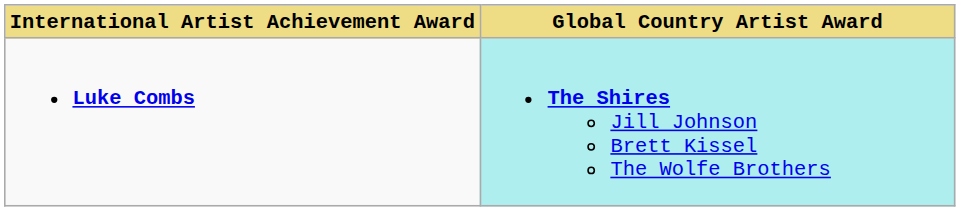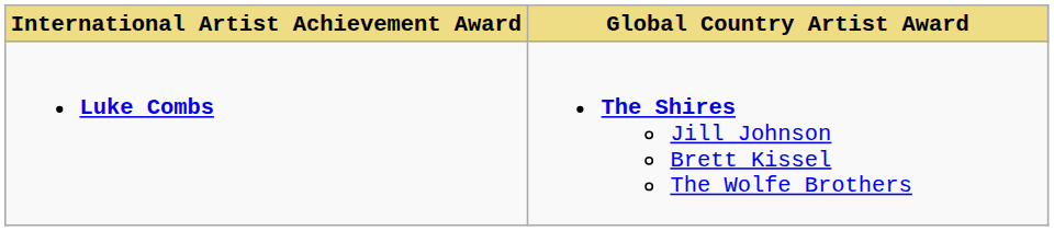 <table class="wikitable">
 <tr>
 <th style="background:#EEDD85;" width="50%">International Artist Achievement Award</th>
 <th style="background:#EEDD85;" width="50%">Global Country Artist Award</th>
 </tr>
 <tr>
 <td valign="top"><br><ul><li><strong><a href='#'>Luke Combs</a></strong></li></ul></td>
-<td valign="top" style="background: paleturquoise;"><br><ul><li><strong><a href='#'>The Shires</a></strong><ul><li><a href='#'>Jill Johnson</a></li><li><a href='#'>Brett Kissel</a></li><li><a href='#'>The Wolfe Brothers</a></li></ul></li></ul></td>
+<td valign="top"><br><ul><li><strong><a href='#'>The Shires</a></strong><ul><li><a href='#'>Jill Johnson</a></li><li><a href='#'>Brett Kissel</a></li><li><a href='#'>The Wolfe Brothers</a></li></ul></li></ul></td>
 </tr>
 </table>
